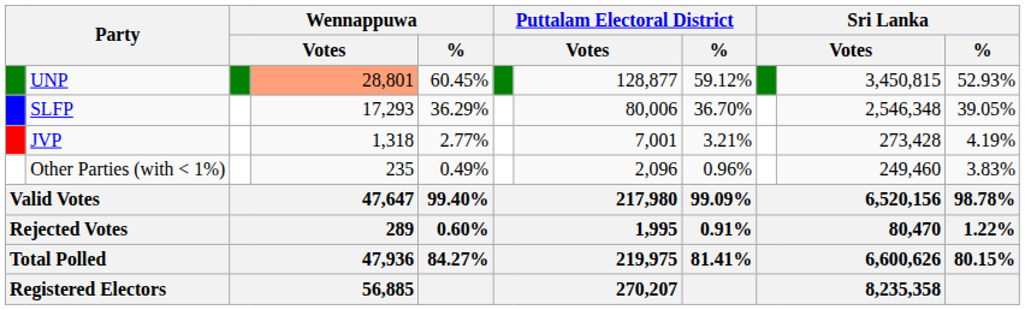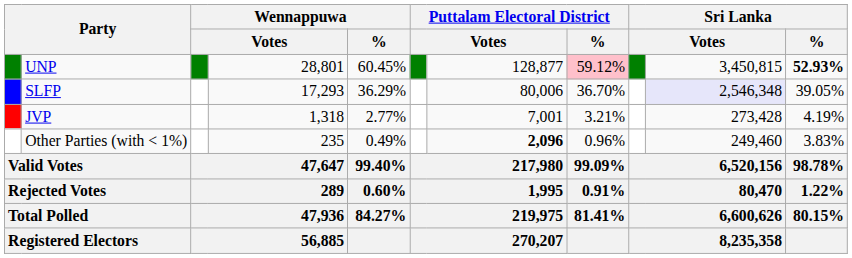 <table class="wikitable">
 <tr>
 <th colspan="2" width="144px"rowspan="2">Party</th>
 <th colspan="3" width="216px">Wennappuwa</th>
 <th colspan="3" width="216px"><a href='#'>Puttalam Electoral District</a></th>
 <th colspan="3" width="216px">Sri Lanka</th>
 </tr>
 <tr>
 <th colspan="2" width="144px">Votes</th>
 <th>%</th>
 <th colspan="2" width="144px">Votes</th>
 <th>%</th>
 <th colspan="2" width="144px">Votes</th>
 <th>%</th>
 </tr>
 <tr>
 <td style="background-color:green;" width="10px"></td>
 <td style="text-align:left;"><a href='#'>UNP</a></td>
 <td style="background-color:green;" width="10px"></td>
-<td style="background: lightsalmon; text-align:right;">28,801</td>
+<td style="text-align:right;">28,801</td>
 <td style="text-align:right;">60.45%</td>
 <td style="background-color:green;" width="10px"></td>
 <td style="text-align:right;">128,877</td>
-<td style="text-align:right;">59.12%</td>
+<td style="background: pink; text-align:right;">59.12%</td>
 <td style="background-color:green;" width="10px"></td>
 <td style="text-align:right;">3,450,815</td>
-<td style="text-align:right;">52.93%</td>
+<td style="text-align:right;"><strong>52.93%</strong></td>
 </tr>
 <tr>
 <td style="background-color:blue;" width="10px"></td>
 <td style="text-align:left;"><a href='#'>SLFP</a></td>
 <td style="background-color:white;" width="10px"></td>
 <td style="text-align:right;">17,293</td>
 <td style="text-align:right;">36.29%</td>
 <td style="background-color:white;" width="10px"></td>
 <td style="text-align:right;">80,006</td>
 <td style="text-align:right;">36.70%</td>
 <td style="background-color:white;" width="10px"></td>
-<td style="text-align:right;">2,546,348</td>
+<td style="background: lavender; text-align:right;">2,546,348</td>
 <td style="text-align:right;">39.05%</td>
 </tr>
 <tr>
 <td style="background-color:red;" width="10px"></td>
 <td style="text-align:left;"><a href='#'>JVP</a></td>
 <td style="background-color:white;" width="10px"></td>
 <td style="text-align:right;">1,318</td>
 <td style="text-align:right;">2.77%</td>
 <td style="background-color:white;" width="10px"></td>
 <td style="text-align:right;">7,001</td>
 <td style="text-align:right;">3.21%</td>
 <td style="background-color:white;" width="10px"></td>
 <td style="text-align:right;">273,428</td>
 <td style="text-align:right;">4.19%</td>
 </tr>
 <tr>
 <td style="background-color:white;" width="10px"></td>
 <td style="text-align:left;">Other Parties (with < 1%)</td>
 <td style="background-color:white;" width="10px"></td>
 <td style="text-align:right;">235</td>
 <td style="text-align:right;">0.49%</td>
 <td style="background-color:white;" width="10px"></td>
-<td style="text-align:right;">2,096</td>
+<td style="text-align:right;"><strong>2,096</strong></td>
 <td style="text-align:right;">0.96%</td>
 <td style="background-color:white;" width="10px"></td>
 <td style="text-align:right;">249,460</td>
 <td style="text-align:right;">3.83%</td>
 </tr>
 <tr>
 <th colspan="2" width="144px"style="text-align:left;">Valid Votes</th>
 <th style="text-align:right;"colspan="2" width="144px">47,647</th>
 <th style="text-align:right;">99.40%</th>
 <th style="text-align:right;"colspan="2" width="144px">217,980</th>
 <th style="text-align:right;">99.09%</th>
 <th style="text-align:right;"colspan="2" width="144px">6,520,156</th>
 <th style="text-align:right;">98.78%</th>
 </tr>
 <tr>
 <th colspan="2" width="144px"style="text-align:left;">Rejected Votes</th>
 <th style="text-align:right;"colspan="2" width="144px">289</th>
 <th style="text-align:right;">0.60%</th>
 <th style="text-align:right;"colspan="2" width="144px">1,995</th>
 <th style="text-align:right;">0.91%</th>
 <th style="text-align:right;"colspan="2" width="144px">80,470</th>
 <th style="text-align:right;">1.22%</th>
 </tr>
 <tr>
 <th colspan="2" width="144px"style="text-align:left;">Total Polled</th>
 <th style="text-align:right;"colspan="2" width="144px">47,936</th>
 <th style="text-align:right;">84.27%</th>
 <th style="text-align:right;"colspan="2" width="144px">219,975</th>
 <th style="text-align:right;">81.41%</th>
 <th style="text-align:right;"colspan="2" width="144px">6,600,626</th>
 <th style="text-align:right;">80.15%</th>
 </tr>
 <tr>
 <th colspan="2" width="144px"style="text-align:left;">Registered Electors</th>
 <th style="text-align:right;"colspan="2" width="144px">56,885</th>
 <th></th>
 <th style="text-align:right;"colspan="2" width="144px">270,207</th>
 <th></th>
 <th style="text-align:right;"colspan="2" width="144px">8,235,358</th>
 <th></th>
 </tr>
 </table>
